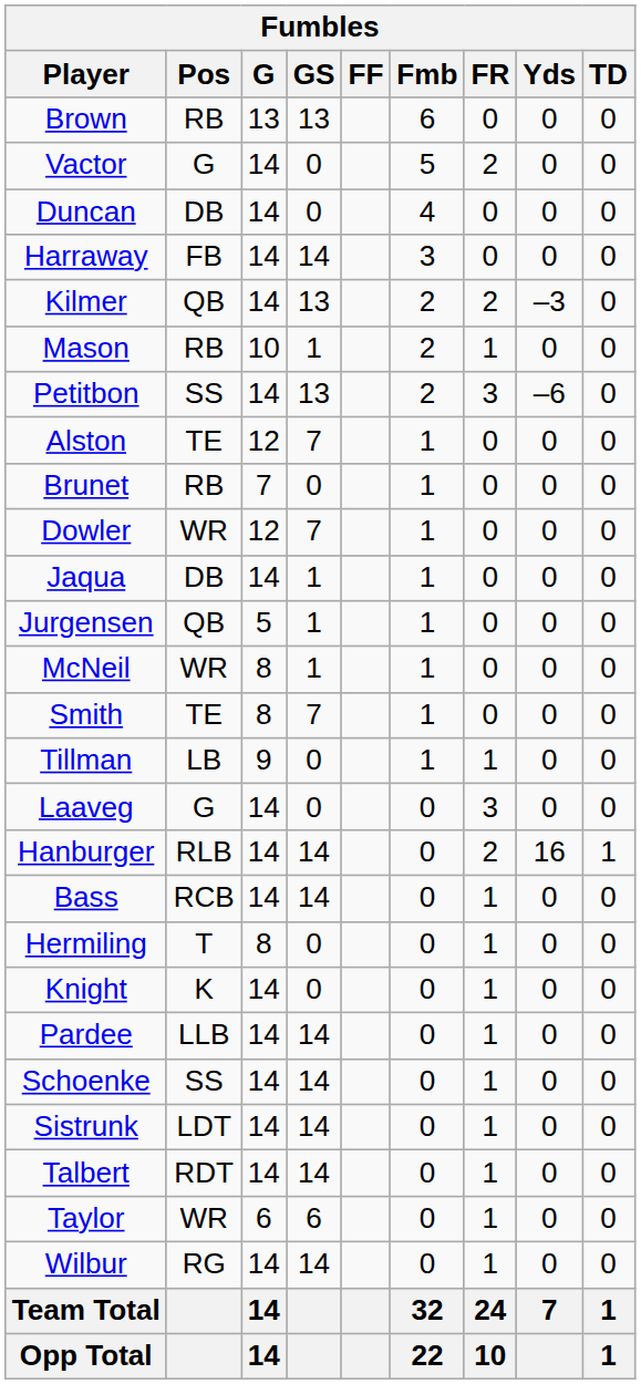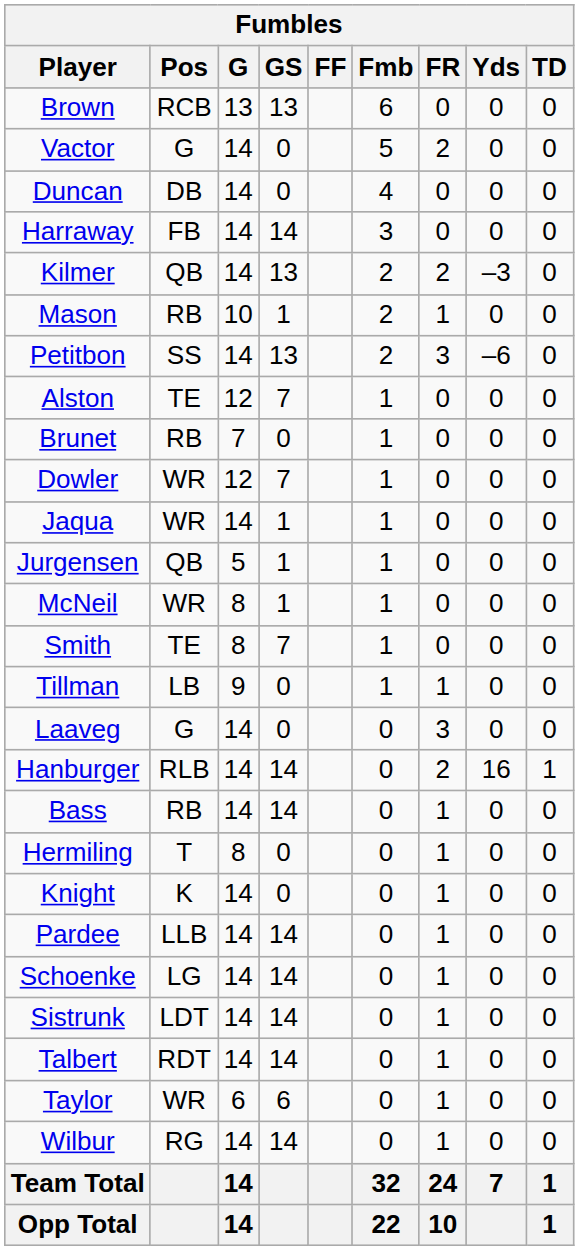 <table class="wikitable" style="text-align:center">
 <tr>
 <th colspan="9">Fumbles</th>
 </tr>
 <tr>
 <th>Player</th>
 <th>Pos</th>
 <th>G</th>
 <th>GS</th>
 <th>FF</th>
 <th>Fmb</th>
 <th>FR</th>
 <th>Yds</th>
 <th>TD</th>
 </tr>
 <tr>
 <td><a href='#'>Brown</a></td>
-<td>RB</td>
+<td>RCB</td>
 <td>13</td>
 <td>13</td>
 <td></td>
 <td>6</td>
 <td>0</td>
 <td>0</td>
 <td>0</td>
 </tr>
 <tr>
 <td><a href='#'>Vactor</a></td>
 <td>G</td>
 <td>14</td>
 <td>0</td>
 <td></td>
 <td>5</td>
 <td>2</td>
 <td>0</td>
 <td>0</td>
 </tr>
 <tr>
 <td><a href='#'>Duncan</a></td>
 <td>DB</td>
 <td>14</td>
 <td>0</td>
 <td></td>
 <td>4</td>
 <td>0</td>
 <td>0</td>
 <td>0</td>
 </tr>
 <tr>
 <td><a href='#'>Harraway</a></td>
 <td>FB</td>
 <td>14</td>
 <td>14</td>
 <td></td>
 <td>3</td>
 <td>0</td>
 <td>0</td>
 <td>0</td>
 </tr>
 <tr>
 <td><a href='#'>Kilmer</a></td>
 <td>QB</td>
 <td>14</td>
 <td>13</td>
 <td></td>
 <td>2</td>
 <td>2</td>
 <td>–3</td>
 <td>0</td>
 </tr>
 <tr>
 <td><a href='#'>Mason</a></td>
 <td>RB</td>
 <td>10</td>
 <td>1</td>
 <td></td>
 <td>2</td>
 <td>1</td>
 <td>0</td>
 <td>0</td>
 </tr>
 <tr>
 <td><a href='#'>Petitbon</a></td>
 <td>SS</td>
 <td>14</td>
 <td>13</td>
 <td></td>
 <td>2</td>
 <td>3</td>
 <td>–6</td>
 <td>0</td>
 </tr>
 <tr>
 <td><a href='#'>Alston</a></td>
 <td>TE</td>
 <td>12</td>
 <td>7</td>
 <td></td>
 <td>1</td>
 <td>0</td>
 <td>0</td>
 <td>0</td>
 </tr>
 <tr>
 <td><a href='#'>Brunet</a></td>
 <td>RB</td>
 <td>7</td>
 <td>0</td>
 <td></td>
 <td>1</td>
 <td>0</td>
 <td>0</td>
 <td>0</td>
 </tr>
 <tr>
 <td><a href='#'>Dowler</a></td>
 <td>WR</td>
 <td>12</td>
 <td>7</td>
 <td></td>
 <td>1</td>
 <td>0</td>
 <td>0</td>
 <td>0</td>
 </tr>
 <tr>
 <td><a href='#'>Jaqua</a></td>
-<td>DB</td>
+<td>WR</td>
 <td>14</td>
 <td>1</td>
 <td></td>
 <td>1</td>
 <td>0</td>
 <td>0</td>
 <td>0</td>
 </tr>
 <tr>
 <td><a href='#'>Jurgensen</a></td>
 <td>QB</td>
 <td>5</td>
 <td>1</td>
 <td></td>
 <td>1</td>
 <td>0</td>
 <td>0</td>
 <td>0</td>
 </tr>
 <tr>
 <td><a href='#'>McNeil</a></td>
 <td>WR</td>
 <td>8</td>
 <td>1</td>
 <td></td>
 <td>1</td>
 <td>0</td>
 <td>0</td>
 <td>0</td>
 </tr>
 <tr>
 <td><a href='#'>Smith</a></td>
 <td>TE</td>
 <td>8</td>
 <td>7</td>
 <td></td>
 <td>1</td>
 <td>0</td>
 <td>0</td>
 <td>0</td>
 </tr>
 <tr>
 <td><a href='#'>Tillman</a></td>
 <td>LB</td>
 <td>9</td>
 <td>0</td>
 <td></td>
 <td>1</td>
 <td>1</td>
 <td>0</td>
 <td>0</td>
 </tr>
 <tr>
 <td><a href='#'>Laaveg</a></td>
 <td>G</td>
 <td>14</td>
 <td>0</td>
 <td></td>
 <td>0</td>
 <td>3</td>
 <td>0</td>
 <td>0</td>
 </tr>
 <tr>
 <td><a href='#'>Hanburger</a></td>
 <td>RLB</td>
 <td>14</td>
 <td>14</td>
 <td></td>
 <td>0</td>
 <td>2</td>
 <td>16</td>
 <td>1</td>
 </tr>
 <tr>
 <td><a href='#'>Bass</a></td>
-<td>RCB</td>
+<td>RB</td>
 <td>14</td>
 <td>14</td>
 <td></td>
 <td>0</td>
 <td>1</td>
 <td>0</td>
 <td>0</td>
 </tr>
 <tr>
 <td><a href='#'>Hermiling</a></td>
 <td>T</td>
 <td>8</td>
 <td>0</td>
 <td></td>
 <td>0</td>
 <td>1</td>
 <td>0</td>
 <td>0</td>
 </tr>
 <tr>
 <td><a href='#'>Knight</a></td>
 <td>K</td>
 <td>14</td>
 <td>0</td>
 <td></td>
 <td>0</td>
 <td>1</td>
 <td>0</td>
 <td>0</td>
 </tr>
 <tr>
 <td><a href='#'>Pardee</a></td>
 <td>LLB</td>
 <td>14</td>
 <td>14</td>
 <td></td>
 <td>0</td>
 <td>1</td>
 <td>0</td>
 <td>0</td>
 </tr>
 <tr>
 <td><a href='#'>Schoenke</a></td>
-<td>SS</td>
+<td>LG</td>
 <td>14</td>
 <td>14</td>
 <td></td>
 <td>0</td>
 <td>1</td>
 <td>0</td>
 <td>0</td>
 </tr>
 <tr>
 <td><a href='#'>Sistrunk</a></td>
 <td>LDT</td>
 <td>14</td>
 <td>14</td>
 <td></td>
 <td>0</td>
 <td>1</td>
 <td>0</td>
 <td>0</td>
 </tr>
 <tr>
 <td><a href='#'>Talbert</a></td>
 <td>RDT</td>
 <td>14</td>
 <td>14</td>
 <td></td>
 <td>0</td>
 <td>1</td>
 <td>0</td>
 <td>0</td>
 </tr>
 <tr>
 <td><a href='#'>Taylor</a></td>
 <td>WR</td>
 <td>6</td>
 <td>6</td>
 <td></td>
 <td>0</td>
 <td>1</td>
 <td>0</td>
 <td>0</td>
 </tr>
 <tr>
 <td><a href='#'>Wilbur</a></td>
 <td>RG</td>
 <td>14</td>
 <td>14</td>
 <td></td>
 <td>0</td>
 <td>1</td>
 <td>0</td>
 <td>0</td>
 </tr>
 <tr>
 <th>Team Total</th>
 <th></th>
 <th>14</th>
 <th></th>
 <th></th>
 <th>32</th>
 <th>24</th>
 <th>7</th>
 <th>1</th>
 </tr>
 <tr>
 <th>Opp Total</th>
 <th></th>
 <th>14</th>
 <th></th>
 <th></th>
 <th>22</th>
 <th>10</th>
 <th></th>
 <th>1</th>
 </tr>
 </table>
